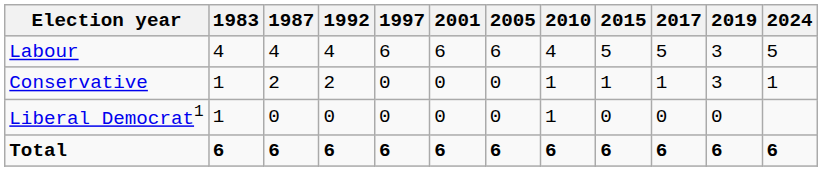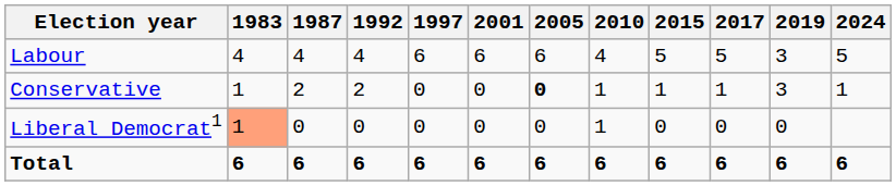 <table class="wikitable">
 <tr>
 <th>Election year</th>
 <th>1983</th>
 <th>1987</th>
 <th>1992</th>
 <th>1997</th>
 <th>2001</th>
 <th>2005</th>
 <th>2010</th>
 <th>2015</th>
 <th>2017</th>
 <th>2019</th>
 <th>2024</th>
 </tr>
 <tr>
 <td><a href='#'>Labour</a></td>
 <td>4</td>
 <td>4</td>
 <td>4</td>
 <td>6</td>
 <td>6</td>
 <td>6</td>
 <td>4</td>
 <td>5</td>
 <td>5</td>
 <td>3</td>
 <td>5</td>
 </tr>
 <tr>
 <td><a href='#'>Conservative</a></td>
 <td>1</td>
 <td>2</td>
 <td>2</td>
 <td>0</td>
 <td>0</td>
-<td>0</td>
+<td><strong>0</strong></td>
 <td>1</td>
 <td>1</td>
 <td>1</td>
 <td>3</td>
 <td>1</td>
 </tr>
 <tr>
 <td><a href='#'>Liberal Democrat</a><sup>1</sup></td>
-<td>1</td>
+<td style="background: lightsalmon;">1</td>
 <td>0</td>
 <td>0</td>
 <td>0</td>
 <td>0</td>
 <td>0</td>
 <td>1</td>
 <td>0</td>
 <td>0</td>
 <td>0</td>
 </tr>
 <tr>
 <td><strong>Total</strong></td>
 <td><strong>6</strong></td>
 <td><strong>6</strong></td>
 <td><strong>6</strong></td>
 <td><strong>6</strong></td>
 <td><strong>6</strong></td>
 <td><strong>6</strong></td>
 <td><strong>6</strong></td>
 <td><strong>6</strong></td>
 <td><strong>6</strong></td>
 <td><strong>6</strong></td>
 <td><strong>6</strong></td>
 </tr>
 </table>
